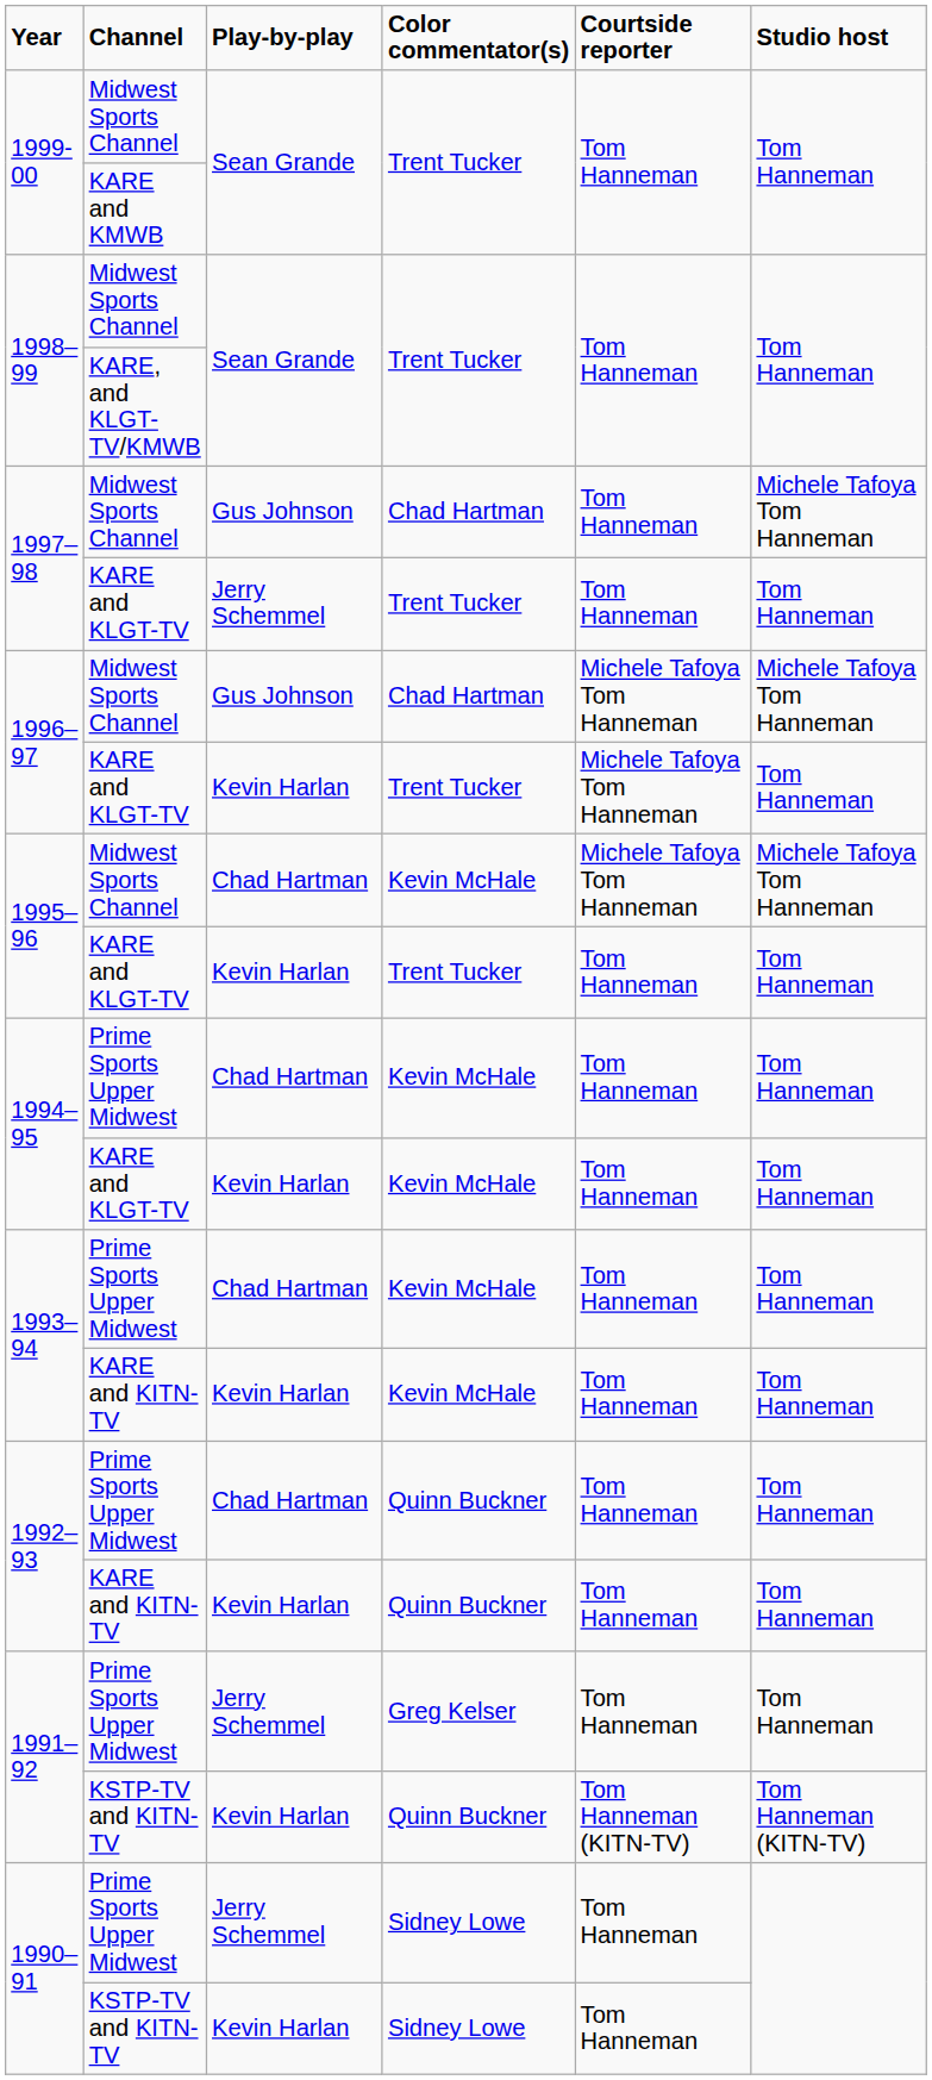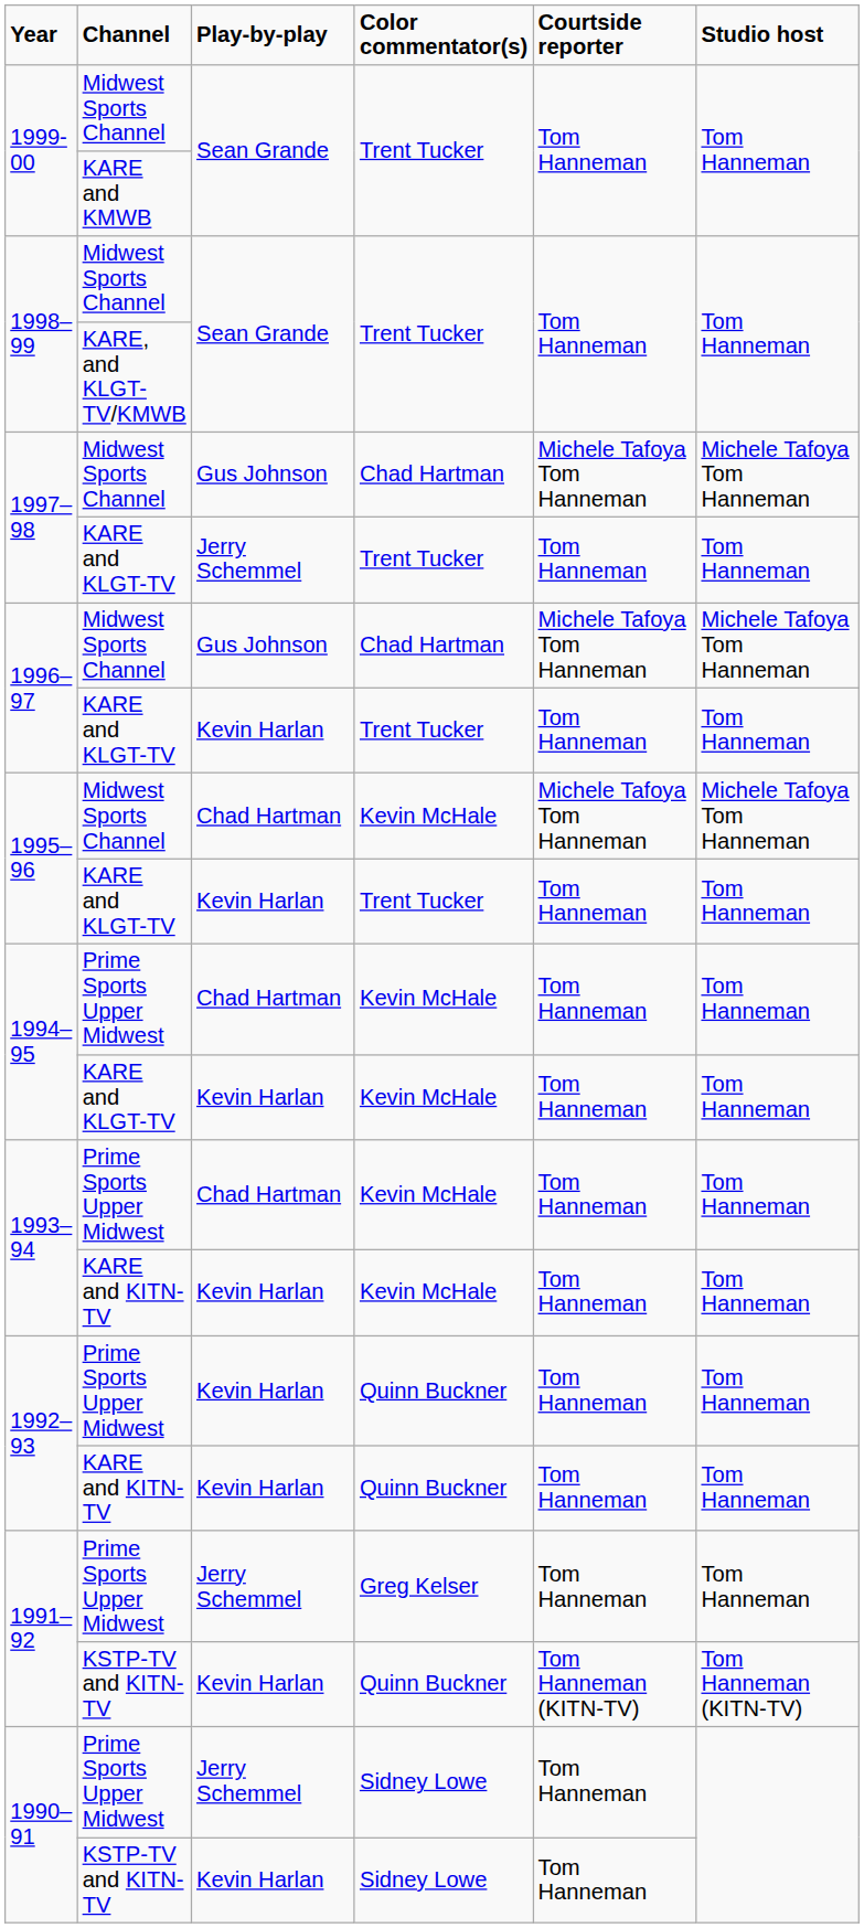 <table class="wikitable">
 <tr>
 <td style="width:40px; "><strong>Year</strong></td>
 <td style="width:40px; "><strong>Channel</strong></td>
 <td style="width:110px; "><strong>Play-by-play</strong></td>
 <td style="width:110px; "><strong>Color commentator(s)</strong></td>
 <td style="width:110px; "><strong>Courtside reporter</strong></td>
 <td style="width:110px; "><strong>Studio host</strong></td>
 </tr>
 <tr>
 <td rowspan="2"><a href='#'>1999-00</a></td>
 <td><a href='#'>Midwest Sports Channel</a></td>
 <td rowspan="2"><a href='#'>Sean Grande</a></td>
 <td rowspan="2"><a href='#'>Trent Tucker</a></td>
 <td rowspan="2"><a href='#'>Tom Hanneman</a></td>
 <td rowspan="2"><a href='#'>Tom Hanneman</a></td>
 </tr>
 <tr>
 <td><a href='#'>KARE</a> and <a href='#'>KMWB</a></td>
 </tr>
 <tr>
 <td rowspan="2"><a href='#'>1998–99</a></td>
 <td><a href='#'>Midwest Sports Channel</a></td>
 <td rowspan="2"><a href='#'>Sean Grande</a></td>
 <td rowspan="2"><a href='#'>Trent Tucker</a></td>
 <td rowspan="2"><a href='#'>Tom Hanneman</a></td>
 <td rowspan="2"><a href='#'>Tom Hanneman</a></td>
 </tr>
 <tr>
 <td><a href='#'>KARE</a>, and <a href='#'>KLGT-TV</a>/<a href='#'>KMWB</a></td>
 </tr>
 <tr>
 <td rowspan="2"><a href='#'>1997–98</a></td>
 <td><a href='#'>Midwest Sports Channel</a></td>
 <td><a href='#'>Gus Johnson</a></td>
 <td><a href='#'>Chad Hartman</a></td>
-<td><a href='#'>Tom Hanneman</a></td>
+<td><a href='#'>Michele Tafoya</a><br>Tom Hanneman</td>
 <td><a href='#'>Michele Tafoya</a><br>Tom Hanneman</td>
 </tr>
 <tr>
 <td><a href='#'>KARE</a> and  <a href='#'>KLGT-TV</a></td>
 <td><a href='#'>Jerry Schemmel</a></td>
 <td><a href='#'>Trent Tucker</a></td>
 <td><a href='#'>Tom Hanneman</a></td>
 <td><a href='#'>Tom Hanneman</a></td>
 </tr>
 <tr>
 <td rowspan="2"><a href='#'>1996–97</a></td>
 <td><a href='#'>Midwest Sports Channel</a></td>
 <td><a href='#'>Gus Johnson</a></td>
 <td><a href='#'>Chad Hartman</a></td>
 <td><a href='#'>Michele Tafoya</a><br>Tom Hanneman</td>
 <td><a href='#'>Michele Tafoya</a><br>Tom Hanneman</td>
 </tr>
 <tr>
 <td><a href='#'>KARE</a> and  <a href='#'>KLGT-TV</a></td>
 <td><a href='#'>Kevin Harlan</a></td>
 <td><a href='#'>Trent Tucker</a></td>
-<td><a href='#'>Michele Tafoya</a><br>Tom Hanneman</td>
+<td><a href='#'>Tom Hanneman</a></td>
 <td><a href='#'>Tom Hanneman</a></td>
 </tr>
 <tr>
 <td rowspan="2"><a href='#'>1995–96</a></td>
 <td><a href='#'>Midwest Sports Channel</a></td>
 <td><a href='#'>Chad Hartman</a></td>
 <td><a href='#'>Kevin McHale</a></td>
 <td><a href='#'>Michele Tafoya</a><br>Tom Hanneman</td>
 <td><a href='#'>Michele Tafoya</a><br>Tom Hanneman</td>
 </tr>
 <tr>
 <td><a href='#'>KARE</a> and  <a href='#'>KLGT-TV</a></td>
 <td><a href='#'>Kevin Harlan</a></td>
 <td><a href='#'>Trent Tucker</a></td>
 <td><a href='#'>Tom Hanneman</a></td>
 <td><a href='#'>Tom Hanneman</a></td>
 </tr>
 <tr>
 <td rowspan="2"><a href='#'>1994–95</a></td>
 <td><a href='#'>Prime Sports Upper Midwest</a></td>
 <td><a href='#'>Chad Hartman</a></td>
 <td><a href='#'>Kevin McHale</a></td>
 <td><a href='#'>Tom Hanneman</a></td>
 <td><a href='#'>Tom Hanneman</a></td>
 </tr>
 <tr>
 <td><a href='#'>KARE</a> and  <a href='#'>KLGT-TV</a></td>
 <td><a href='#'>Kevin Harlan</a></td>
 <td><a href='#'>Kevin McHale</a></td>
 <td><a href='#'>Tom Hanneman</a></td>
 <td><a href='#'>Tom Hanneman</a></td>
 </tr>
 <tr>
 <td rowspan="2"><a href='#'>1993–94</a></td>
 <td><a href='#'>Prime Sports Upper Midwest</a></td>
 <td><a href='#'>Chad Hartman</a></td>
 <td><a href='#'>Kevin McHale</a></td>
 <td><a href='#'>Tom Hanneman</a></td>
 <td><a href='#'>Tom Hanneman</a></td>
 </tr>
 <tr>
 <td><a href='#'>KARE</a> and  <a href='#'>KITN-TV</a></td>
 <td><a href='#'>Kevin Harlan</a></td>
 <td><a href='#'>Kevin McHale</a></td>
 <td><a href='#'>Tom Hanneman</a></td>
 <td><a href='#'>Tom Hanneman</a></td>
 </tr>
 <tr>
 <td rowspan="2"><a href='#'>1992–93</a></td>
 <td><a href='#'>Prime Sports Upper Midwest</a></td>
-<td><a href='#'>Chad Hartman</a></td>
+<td><a href='#'>Kevin Harlan</a></td>
 <td><a href='#'>Quinn Buckner</a></td>
 <td><a href='#'>Tom Hanneman</a></td>
 <td><a href='#'>Tom Hanneman</a></td>
 </tr>
 <tr>
 <td><a href='#'>KARE</a> and  <a href='#'>KITN-TV</a></td>
 <td><a href='#'>Kevin Harlan</a></td>
 <td><a href='#'>Quinn Buckner</a></td>
 <td><a href='#'>Tom Hanneman</a></td>
 <td><a href='#'>Tom Hanneman</a></td>
 </tr>
 <tr>
 <td rowspan="2"><a href='#'>1991–92</a></td>
 <td><a href='#'>Prime Sports Upper Midwest</a></td>
 <td><a href='#'>Jerry Schemmel</a></td>
 <td><a href='#'>Greg Kelser</a></td>
 <td>Tom Hanneman</td>
 <td>Tom Hanneman</td>
 </tr>
 <tr>
 <td><a href='#'>KSTP-TV</a> and  <a href='#'>KITN-TV</a></td>
 <td><a href='#'>Kevin Harlan</a></td>
 <td><a href='#'>Quinn Buckner</a></td>
 <td><a href='#'>Tom Hanneman</a> (KITN-TV)</td>
 <td><a href='#'>Tom Hanneman</a> (KITN-TV)</td>
 </tr>
 <tr>
 <td rowspan="2"><a href='#'>1990–91</a></td>
 <td><a href='#'>Prime Sports Upper Midwest</a></td>
 <td><a href='#'>Jerry Schemmel</a></td>
 <td><a href='#'>Sidney Lowe</a></td>
 <td>Tom Hanneman</td>
 </tr>
 <tr>
 <td><a href='#'>KSTP-TV</a> and  <a href='#'>KITN-TV</a></td>
 <td><a href='#'>Kevin Harlan</a></td>
 <td><a href='#'>Sidney Lowe</a></td>
 <td>Tom Hanneman</td>
 </tr>
 </table>
